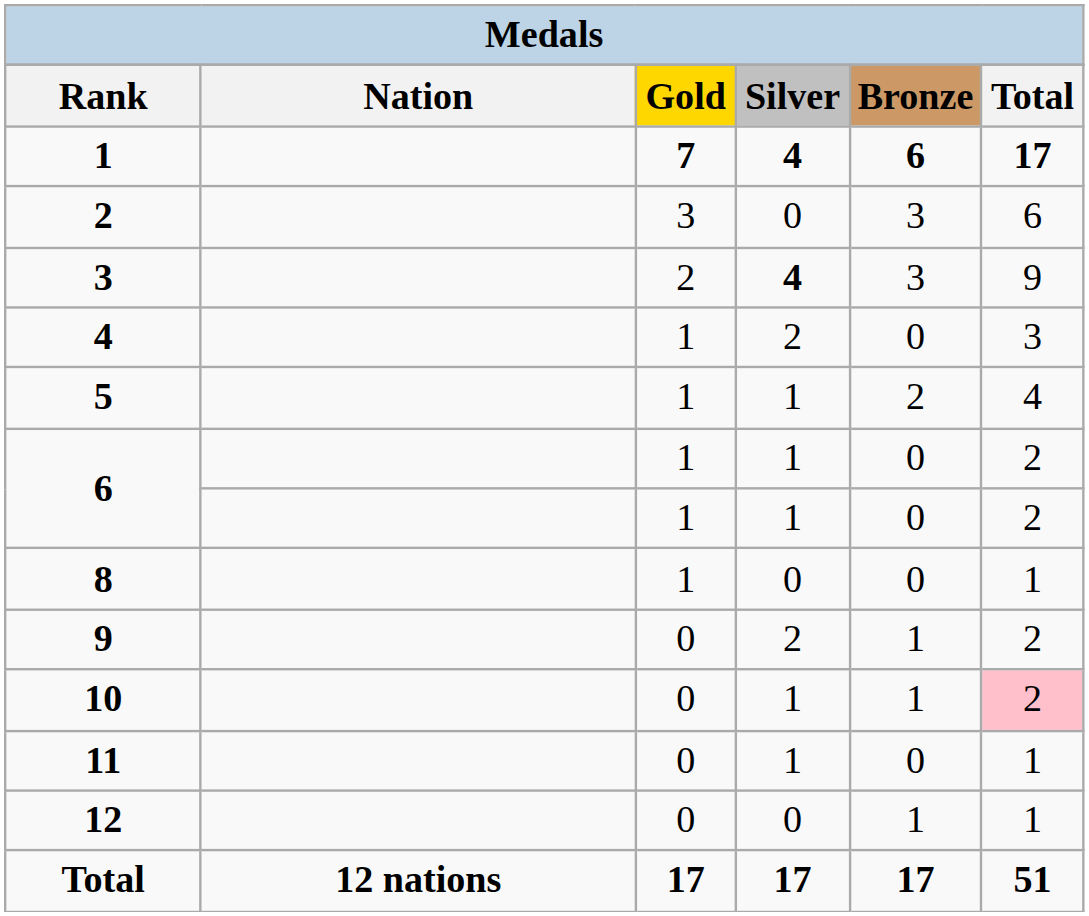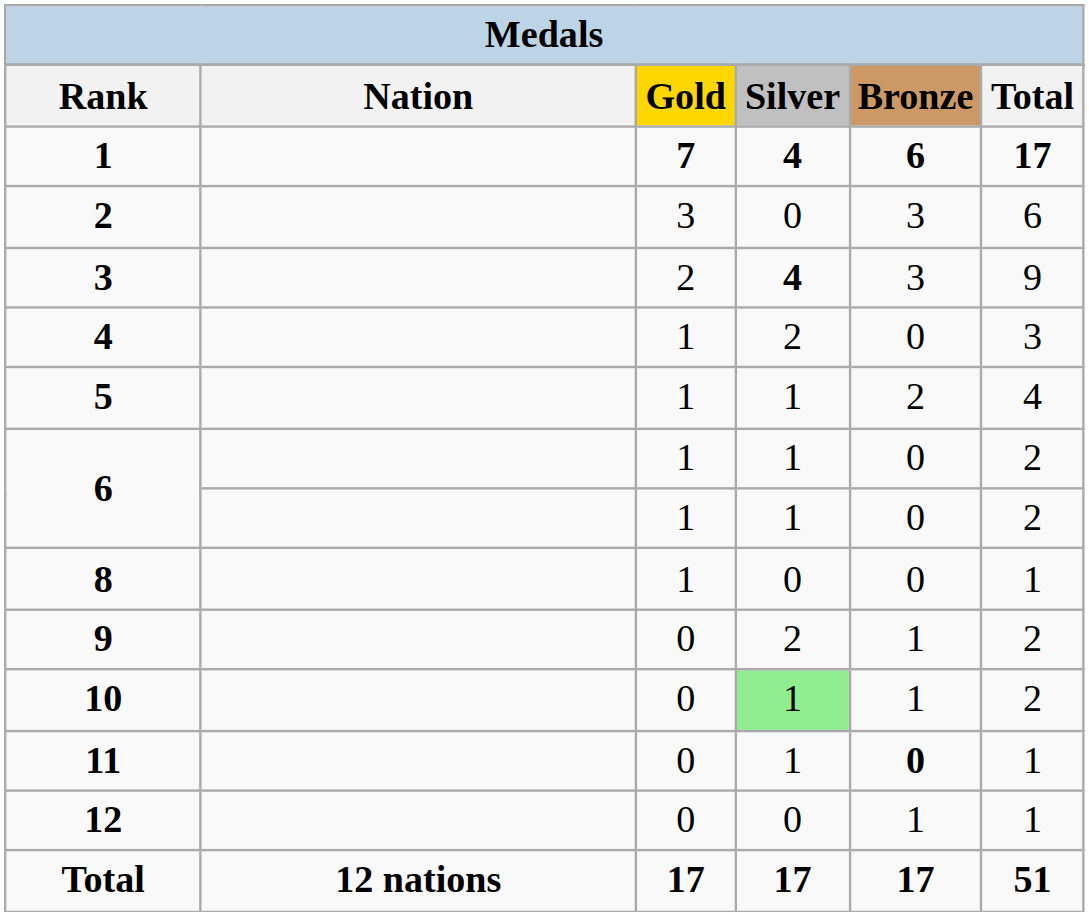 <table class="wikitable" style="text-align:center">
 <tr>
 <td colspan="6" style="background:#BCD4E6"><strong>Medals</strong></td>
 </tr>
 <tr>
 </tr>
 <tr style="background-color:#EDEDED;">
 <th width="75px" class="hintergrundfarbe5">Rank</th>
 <th width="175px" class="hintergrundfarbe6">Nation</th>
 <th style="background:    gold; width:35px ">Gold</th>
 <th style="background:  silver; width:35px ">Silver</th>
 <th style="background: #CC9966; width:35px ">Bronze</th>
 <th width="35px">Total</th>
 </tr>
 <tr>
 <td><strong>1</strong></td>
 <td align=left></td>
 <td><strong>7</strong></td>
 <td><strong>4</strong></td>
 <td><strong>6</strong></td>
 <td><strong>17</strong></td>
 </tr>
 <tr>
 <td><strong>2</strong></td>
 <td align=left><em></em></td>
 <td>3</td>
 <td>0</td>
 <td>3</td>
 <td>6</td>
 </tr>
 <tr>
 <td><strong>3</strong></td>
 <td align=left><em></em></td>
 <td>2</td>
 <td><strong>4</strong></td>
 <td>3</td>
 <td>9</td>
 </tr>
 <tr>
 <td><strong>4</strong></td>
 <td align=left></td>
 <td>1</td>
 <td>2</td>
 <td>0</td>
 <td>3</td>
 </tr>
 <tr>
 <td><strong>5</strong></td>
 <td align=left></td>
 <td>1</td>
 <td>1</td>
 <td>2</td>
 <td>4</td>
 </tr>
 <tr>
 <td rowspan="2"><strong>6</strong></td>
 <td align=left></td>
 <td>1</td>
 <td>1</td>
 <td>0</td>
 <td>2</td>
 </tr>
 <tr>
 <td align=left></td>
 <td>1</td>
 <td>1</td>
 <td>0</td>
 <td>2</td>
 </tr>
 <tr>
 <td><strong>8</strong></td>
 <td align=left></td>
 <td>1</td>
 <td>0</td>
 <td>0</td>
 <td>1</td>
 </tr>
 <tr>
 <td><strong>9</strong></td>
 <td align=left></td>
 <td>0</td>
 <td>2</td>
 <td>1</td>
 <td>2</td>
 </tr>
 <tr>
 <td><strong>10</strong></td>
 <td align=left></td>
 <td>0</td>
+<td style="background: lightgreen;">1</td>
 <td>1</td>
-<td>1</td>
-<td style="background: pink;">2</td>
+<td>2</td>
 </tr>
 <tr>
 <td><strong>11</strong></td>
 <td align=left></td>
 <td>0</td>
 <td>1</td>
-<td>0</td>
+<td><strong>0</strong></td>
 <td>1</td>
 </tr>
 <tr>
 <td><strong>12</strong></td>
 <td align=left></td>
 <td>0</td>
 <td>0</td>
 <td>1</td>
 <td>1</td>
 </tr>
 <tr>
 <td><strong>Total</strong></td>
 <td><strong>12 nations</strong></td>
 <td><strong>17</strong></td>
 <td><strong>17</strong></td>
 <td><strong>17</strong></td>
 <td><strong>51</strong></td>
 </tr>
 </table>
